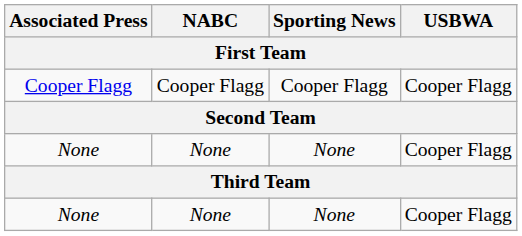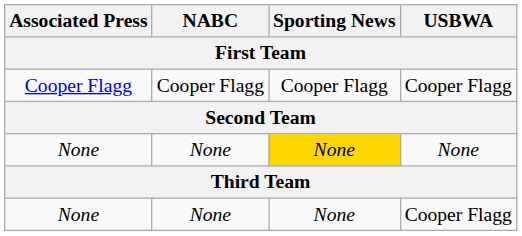 <table class="wikitable" style="font-size: 95%; text-align:center;">
 <tr>
 <th>Associated Press</th>
 <th>NABC</th>
 <th>Sporting News</th>
 <th>USBWA</th>
 </tr>
 <tr>
 <th colspan=4>First Team</th>
 </tr>
 <tr>
 <td><a href='#'>Cooper Flagg</a></td>
 <td>Cooper Flagg</td>
 <td>Cooper Flagg</td>
 <td>Cooper Flagg</td>
 </tr>
 <tr>
 <th colspan=4>Second Team</th>
 </tr>
 <tr>
 <td><em>None</em></td>
 <td><em>None</em></td>
+<td style="background: gold;"><em>None</em></td>
 <td><em>None</em></td>
-<td>Cooper Flagg</td>
 </tr>
 <tr>
 <th colspan=4>Third Team</th>
 </tr>
 <tr>
 <td><em>None</em></td>
 <td><em>None</em></td>
 <td><em>None</em></td>
 <td>Cooper Flagg</td>
 </tr>
 </table>
